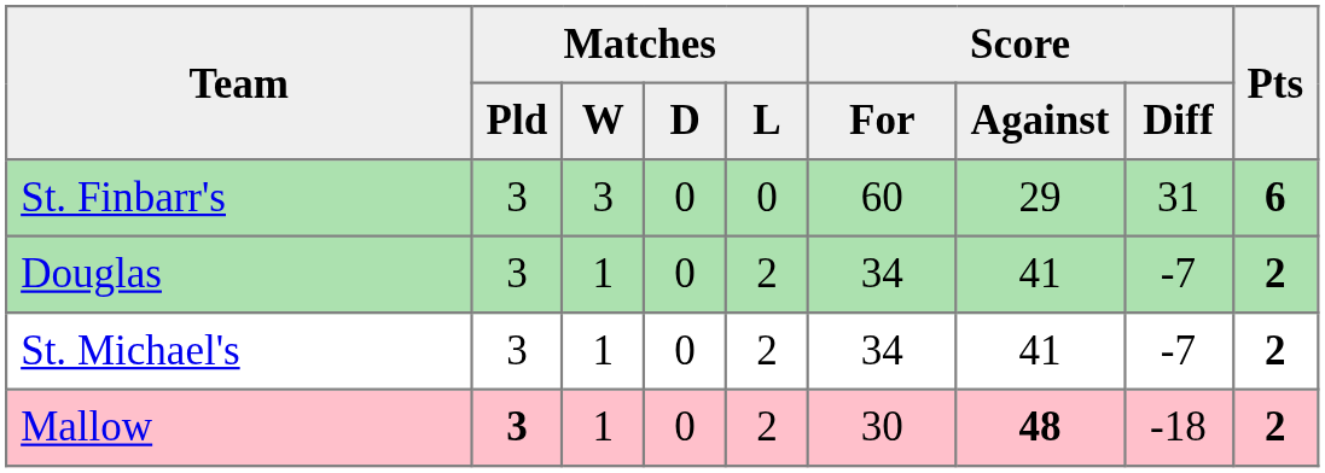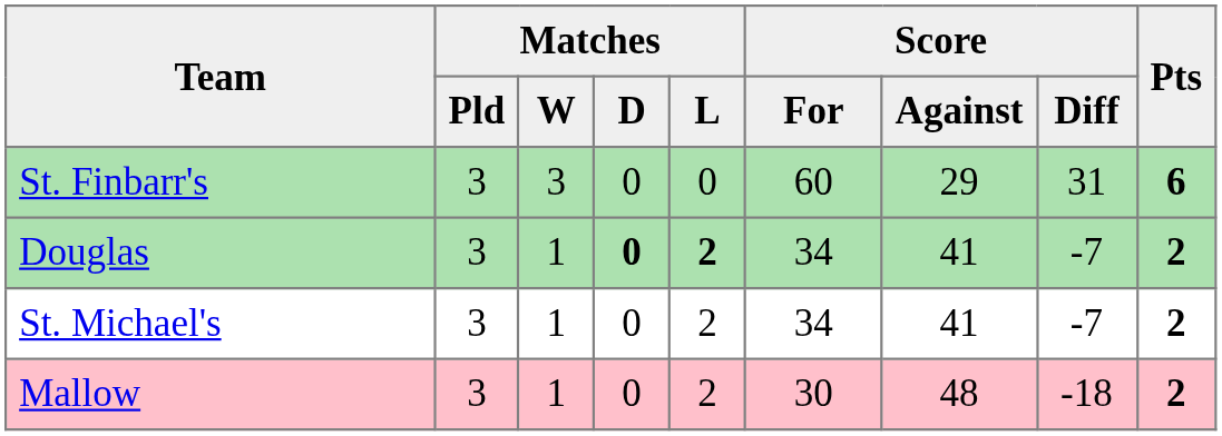 <table style=border-collapse:collapse border=1 cellspacing=0 cellpadding=5>
 <tr align=center bgcolor=#efefef>
 <th rowspan=2 width=165>Team</th>
 <th colspan=4>Matches</th>
 <th colspan=3>Score</th>
 <th rowspan=2width=20>Pts</th>
 </tr>
 <tr align=center bgcolor=#efefef>
 <th width=20>Pld</th>
 <th width=20>W</th>
 <th width=20>D</th>
 <th width=20>L</th>
 <th width=45>For</th>
 <th width=45>Against</th>
 <th width=30>Diff</th>
 </tr>
 <tr align=center style="background:#ACE1AF;">
 <td style="text-align:left;"><a href='#'>St. Finbarr's</a></td>
 <td>3</td>
 <td>3</td>
 <td>0</td>
 <td>0</td>
 <td>60</td>
 <td>29</td>
 <td>31</td>
 <td><strong>6</strong></td>
 </tr>
 <tr align=center style="background:#ACE1AF;">
 <td style="text-align:left;"><a href='#'>Douglas</a></td>
 <td>3</td>
 <td>1</td>
-<td>0</td>
-<td>2</td>
+<td><strong>0</strong></td>
+<td><strong>2</strong></td>
 <td>34</td>
 <td>41</td>
 <td>-7</td>
 <td><strong>2</strong></td>
 </tr>
 <tr align=center>
 <td style="text-align:left;"><a href='#'>St. Michael's</a></td>
 <td>3</td>
 <td>1</td>
 <td>0</td>
 <td>2</td>
 <td>34</td>
 <td>41</td>
 <td>-7</td>
 <td><strong>2</strong></td>
 </tr>
 <tr align=center style="background:#FFC0CB;">
 <td style="text-align:left;"><a href='#'>Mallow</a></td>
-<td><strong>3</strong></td>
+<td>3</td>
 <td>1</td>
 <td>0</td>
 <td>2</td>
 <td>30</td>
-<td><strong>48</strong></td>
+<td>48</td>
 <td>-18</td>
 <td><strong>2</strong></td>
 </tr>
 </table>
